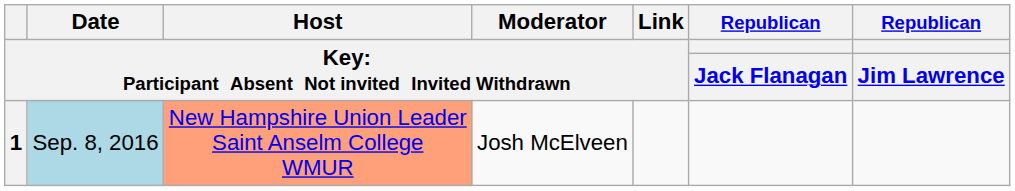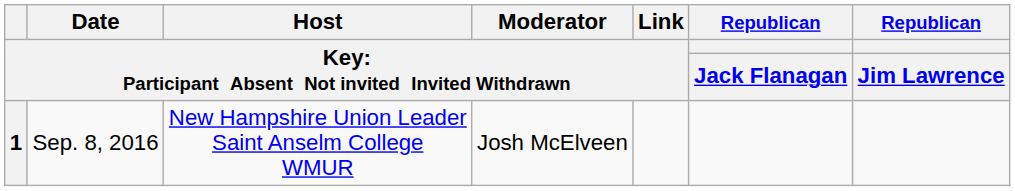 <table class="wikitable" style="text-align:center;">
 <tr>
 <th scope="col"></th>
 <th scope="col">Date</th>
 <th scope="col">Host</th>
 <th scope="col">Moderator</th>
 <th scope="col">Link</th>
 <th scope="col"><small><a href='#'>Republican</a></small></th>
 <th scope="col"><small><a href='#'>Republican</a></small></th>
 </tr>
 <tr>
 <th colspan="5" rowspan="2">Key:<br> <small>Participant </small>  <small>Absent </small>  <small>Not invited </small>  <small>Invited  Withdrawn</small></th>
 <th scope="col" style="background:"></th>
 <th scope="col" style="background:"></th>
 </tr>
 <tr>
 <th scope="col"><a href='#'>Jack Flanagan</a></th>
 <th scope="col"><a href='#'>Jim Lawrence</a></th>
 </tr>
 <tr>
 <th>1</th>
-<td style="background: lightblue; white-space:nowrap;">Sep. 8, 2016</td>
-<td style="background: lightsalmon; white-space:nowrap;"><a href='#'>New Hampshire Union Leader</a><br><a href='#'>Saint Anselm College</a><br><a href='#'>WMUR</a></td>
+<td style="white-space:nowrap;">Sep. 8, 2016</td>
+<td style="white-space:nowrap;"><a href='#'>New Hampshire Union Leader</a><br><a href='#'>Saint Anselm College</a><br><a href='#'>WMUR</a></td>
 <td style="white-space:nowrap;">Josh McElveen</td>
 <td style="white-space:nowrap;"></td>
 <td></td>
 <td></td>
 </tr>
 </table>
